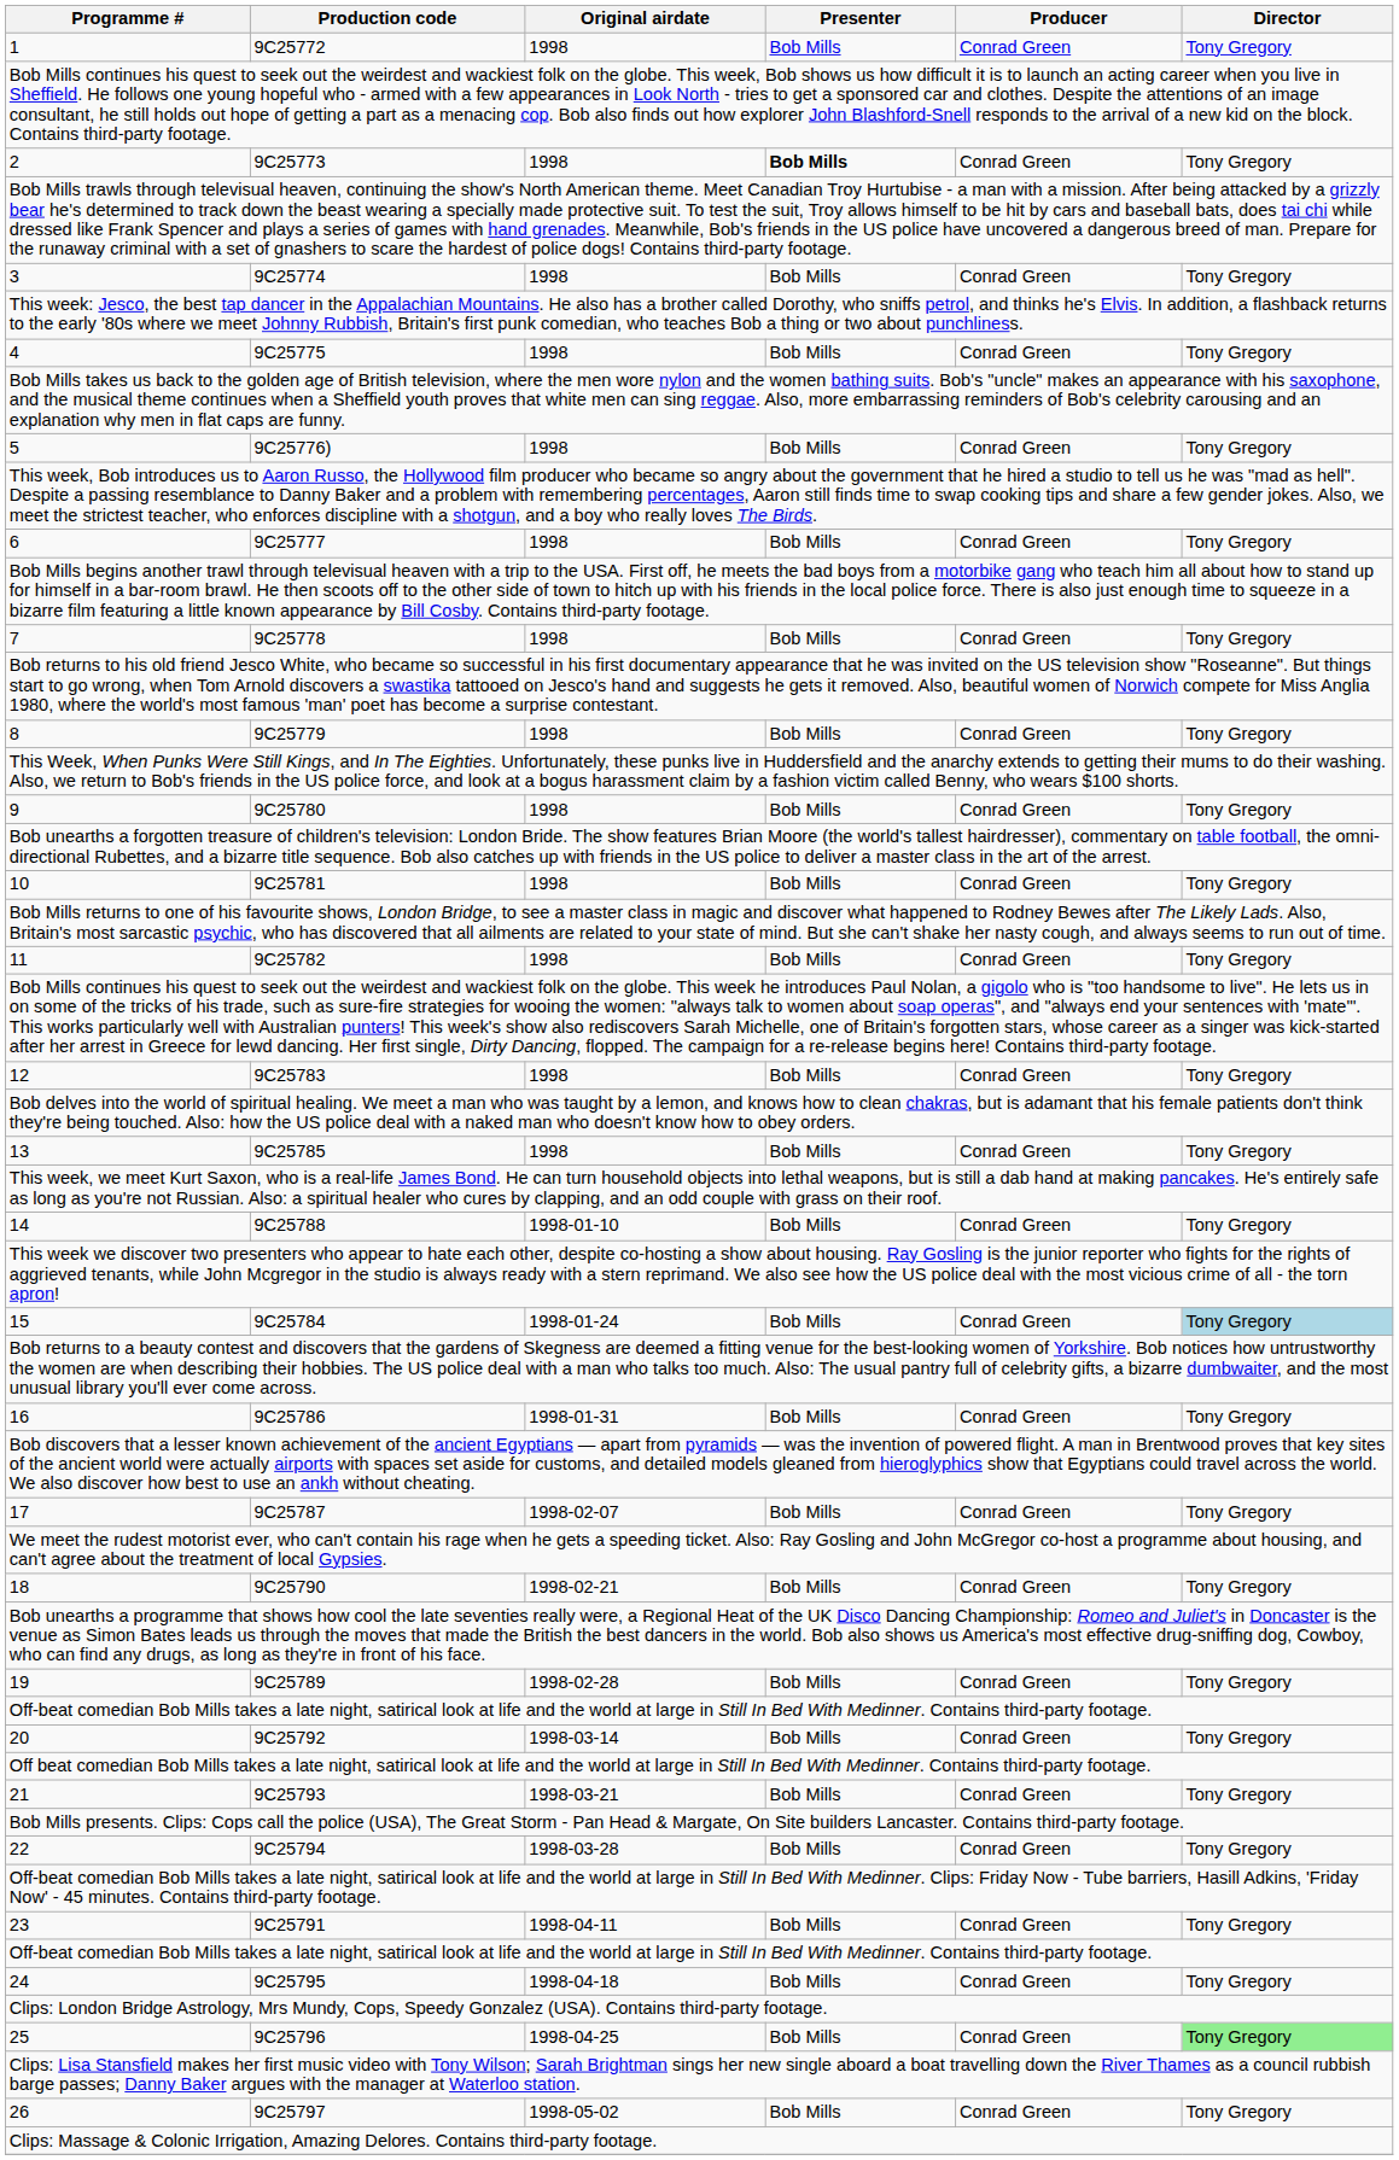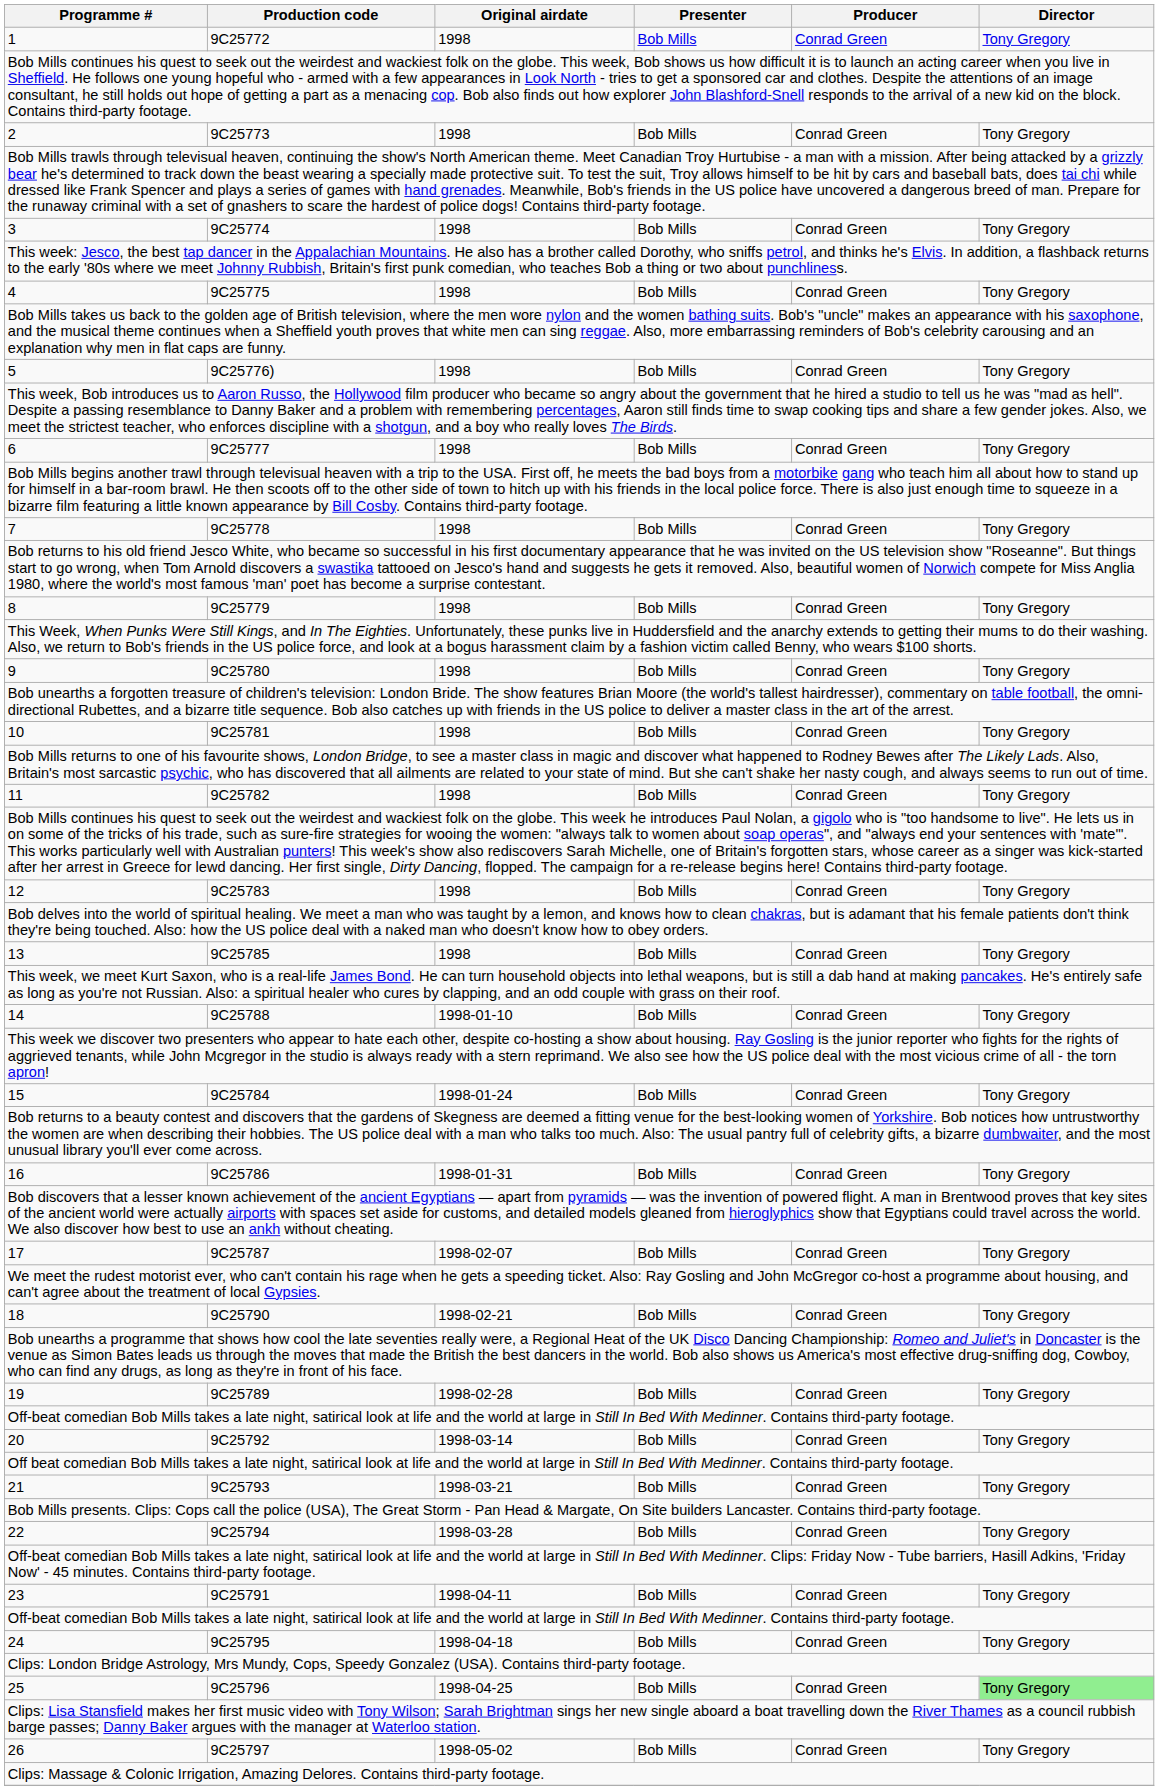 <table width="100%" class="wikitable">
 <tr>
 <th>Programme #</th>
 <th>Production code</th>
 <th>Original airdate</th>
 <th>Presenter</th>
 <th>Producer</th>
 <th>Director</th>
 </tr>
 <tr>
 <td>1</td>
 <td>9C25772</td>
 <td>1998</td>
 <td><a href='#'>Bob Mills</a></td>
 <td><a href='#'>Conrad Green</a></td>
 <td><a href='#'>Tony Gregory</a></td>
 </tr>
 <tr>
 <td colspan="6">Bob Mills continues his quest to seek out the weirdest and wackiest folk on the globe. This week, Bob shows us how difficult it is to launch an acting career when you live in <a href='#'>Sheffield</a>. He follows one young hopeful who - armed with a few appearances in <a href='#'>Look North</a> - tries to get a sponsored car and clothes. Despite the attentions of an image consultant, he still holds out hope of getting a part as a menacing <a href='#'>cop</a>. Bob also finds out how explorer <a href='#'>John Blashford-Snell</a> responds to the arrival of a new kid on the block. Contains third-party footage.</td>
 </tr>
 <tr>
 <td>2</td>
 <td>9C25773</td>
 <td>1998</td>
-<td><strong>Bob Mills</strong></td>
+<td>Bob Mills</td>
 <td>Conrad Green</td>
 <td>Tony Gregory</td>
 </tr>
 <tr>
 <td colspan="6">Bob Mills trawls through televisual heaven, continuing the show's North American theme. Meet Canadian Troy Hurtubise - a man with a mission. After being attacked by a <a href='#'>grizzly bear</a> he's determined to track down the beast wearing a specially made protective suit. To test the suit, Troy allows himself to be hit by cars and baseball bats, does <a href='#'>tai chi</a> while dressed like Frank Spencer and plays a series of games with <a href='#'>hand grenades</a>. Meanwhile, Bob's friends in the US police have uncovered a dangerous breed of man. Prepare for the runaway criminal with a set of gnashers to scare the hardest of police dogs! Contains third-party footage.</td>
 </tr>
 <tr>
 <td>3</td>
 <td>9C25774</td>
 <td>1998</td>
 <td>Bob Mills</td>
 <td>Conrad Green</td>
 <td>Tony Gregory</td>
 </tr>
 <tr>
 <td colspan="6">This week: <a href='#'>Jesco</a>, the best <a href='#'>tap dancer</a> in the <a href='#'>Appalachian Mountains</a>. He also has a brother called Dorothy, who sniffs <a href='#'>petrol</a>, and thinks he's <a href='#'>Elvis</a>. In addition, a flashback returns to the early '80s where we meet <a href='#'>Johnny Rubbish</a>, Britain's first punk comedian, who teaches Bob a thing or two about <a href='#'>punchlines</a>s.</td>
 </tr>
 <tr>
 <td>4</td>
 <td>9C25775</td>
 <td>1998</td>
 <td>Bob Mills</td>
 <td>Conrad Green</td>
 <td>Tony Gregory</td>
 </tr>
 <tr>
 <td colspan="6">Bob Mills takes us back to the golden age of British television, where the men wore <a href='#'>nylon</a> and the women <a href='#'>bathing suits</a>. Bob's "uncle" makes an appearance with his <a href='#'>saxophone</a>, and the musical theme continues when a Sheffield youth proves that white men can sing <a href='#'>reggae</a>. Also, more embarrassing reminders of Bob's celebrity carousing and an explanation why men in flat caps are funny.</td>
 </tr>
 <tr>
 <td>5</td>
 <td>9C25776)</td>
 <td>1998</td>
 <td>Bob Mills</td>
 <td>Conrad Green</td>
 <td>Tony Gregory</td>
 </tr>
 <tr>
 <td colspan="6">This week, Bob introduces us to <a href='#'>Aaron Russo</a>, the <a href='#'>Hollywood</a> film producer who became so angry about the government that he hired a studio to tell us he was "mad as hell". Despite a passing resemblance to Danny Baker and a problem with remembering <a href='#'>percentages</a>, Aaron still finds time to swap cooking tips and share a few gender jokes. Also, we meet the strictest teacher, who enforces discipline with a <a href='#'>shotgun</a>, and a boy who really loves <em><a href='#'>The Birds</a></em>.</td>
 </tr>
 <tr>
 <td>6</td>
 <td>9C25777</td>
 <td>1998</td>
 <td>Bob Mills</td>
 <td>Conrad Green</td>
 <td>Tony Gregory</td>
 </tr>
 <tr>
 <td colspan="6">Bob Mills begins another trawl through televisual heaven with a trip to the USA. First off, he meets the bad boys from a <a href='#'>motorbike</a> <a href='#'>gang</a> who teach him all about how to stand up for himself in a bar-room brawl. He then scoots off to the other side of town to hitch up with his friends in the local police force. There is also just enough time to squeeze in a bizarre film featuring a little known appearance by <a href='#'>Bill Cosby</a>. Contains third-party footage.</td>
 </tr>
 <tr>
 <td>7</td>
 <td>9C25778</td>
 <td>1998</td>
 <td>Bob Mills</td>
 <td>Conrad Green</td>
 <td>Tony Gregory</td>
 </tr>
 <tr>
 <td colspan="6">Bob returns to his old friend Jesco White, who became so successful in his first documentary appearance that he was invited on the US television show "Roseanne". But things start to go wrong, when Tom Arnold discovers a <a href='#'>swastika</a> tattooed on Jesco's hand and suggests he gets it removed. Also, beautiful women of <a href='#'>Norwich</a> compete for Miss Anglia 1980, where the world's most famous 'man' poet has become a surprise contestant.</td>
 </tr>
 <tr>
 <td>8</td>
 <td>9C25779</td>
 <td>1998</td>
 <td>Bob Mills</td>
 <td>Conrad Green</td>
 <td>Tony Gregory</td>
 </tr>
 <tr>
 <td colspan="6">This Week, <em>When Punks Were Still Kings</em>, and <em>In The Eighties</em>. Unfortunately, these punks live in Huddersfield and the anarchy extends to getting their mums to do their washing. Also, we return to Bob's friends in the US police force, and look at a bogus harassment claim by a fashion victim called Benny, who wears $100 shorts.</td>
 </tr>
 <tr>
 <td>9</td>
 <td>9C25780</td>
 <td>1998</td>
 <td>Bob Mills</td>
 <td>Conrad Green</td>
 <td>Tony Gregory</td>
 </tr>
 <tr>
 <td colspan="6">Bob unearths a forgotten treasure of children's television: London Bride. The show features Brian Moore (the world's tallest hairdresser), commentary on <a href='#'>table football</a>, the omni-directional Rubettes, and a bizarre title sequence. Bob also catches up with friends in the US police to deliver a master class in the art of the arrest.</td>
 </tr>
 <tr>
 <td>10</td>
 <td>9C25781</td>
 <td>1998</td>
 <td>Bob Mills</td>
 <td>Conrad Green</td>
 <td>Tony Gregory</td>
 </tr>
 <tr>
 <td colspan="6">Bob Mills returns to one of his favourite shows, <em>London Bridge</em>, to see a master class in magic and discover what happened to Rodney Bewes after <em>The Likely Lads</em>. Also, Britain's most sarcastic <a href='#'>psychic</a>, who has discovered that all ailments are related to your state of mind. But she can't shake her nasty cough, and always seems to run out of time.</td>
 </tr>
 <tr>
 <td>11</td>
 <td>9C25782</td>
 <td>1998</td>
 <td>Bob Mills</td>
 <td>Conrad Green</td>
 <td>Tony Gregory</td>
 </tr>
 <tr>
 <td colspan="6">Bob Mills continues his quest to seek out the weirdest and wackiest folk on the globe. This week he introduces Paul Nolan, a <a href='#'>gigolo</a> who is "too handsome to live". He lets us in on some of the tricks of his trade, such as sure-fire strategies for wooing the women: "always talk to women about <a href='#'>soap operas</a>", and "always end your sentences with 'mate'". This works particularly well with Australian <a href='#'>punters</a>! This week's show also rediscovers Sarah Michelle, one of Britain's forgotten stars, whose career as a singer was kick-started after her arrest in Greece for lewd dancing. Her first single, <em>Dirty Dancing</em>, flopped. The campaign for a re-release begins here! Contains third-party footage.</td>
 </tr>
 <tr>
 <td>12</td>
 <td>9C25783</td>
 <td>1998</td>
 <td>Bob Mills</td>
 <td>Conrad Green</td>
 <td>Tony Gregory</td>
 </tr>
 <tr>
 <td colspan="6">Bob delves into the world of spiritual healing. We meet a man who was taught by a lemon, and knows how to clean <a href='#'>chakras</a>, but is adamant that his female patients don't think they're being touched. Also: how the US police deal with a naked man who doesn't know how to obey orders.</td>
 </tr>
 <tr>
 <td>13</td>
 <td>9C25785</td>
 <td>1998</td>
 <td>Bob Mills</td>
 <td>Conrad Green</td>
 <td>Tony Gregory</td>
 </tr>
 <tr>
 <td colspan="6">This week, we meet Kurt Saxon, who is a real-life <a href='#'>James Bond</a>. He can turn household objects into lethal weapons, but is still a dab hand at making <a href='#'>pancakes</a>. He's entirely safe as long as you're not Russian. Also: a spiritual healer who cures by clapping, and an odd couple with grass on their roof.</td>
 </tr>
 <tr>
 <td>14</td>
 <td>9C25788</td>
 <td>1998-01-10</td>
 <td>Bob Mills</td>
 <td>Conrad Green</td>
 <td>Tony Gregory</td>
 </tr>
 <tr>
 <td colspan="6">This week we discover two presenters who appear to hate each other, despite co-hosting a show about housing. <a href='#'>Ray Gosling</a> is the junior reporter who fights for the rights of aggrieved tenants, while John Mcgregor in the studio is always ready with a stern reprimand. We also see how the US police deal with the most vicious crime of all - the torn <a href='#'>apron</a>!</td>
 </tr>
 <tr>
 <td>15</td>
 <td>9C25784</td>
 <td>1998-01-24</td>
 <td>Bob Mills</td>
 <td>Conrad Green</td>
-<td style="background: lightblue;">Tony Gregory</td>
+<td>Tony Gregory</td>
 </tr>
 <tr>
 <td colspan="6">Bob returns to a beauty contest and discovers that the gardens of Skegness are deemed a fitting venue for the best-looking women of <a href='#'>Yorkshire</a>. Bob notices how untrustworthy the women are when describing their hobbies. The US police deal with a man who talks too much. Also: The usual pantry full of celebrity gifts, a bizarre <a href='#'>dumbwaiter</a>, and the most unusual library you'll ever come across.</td>
 </tr>
 <tr>
 <td>16</td>
 <td>9C25786</td>
 <td>1998-01-31</td>
 <td>Bob Mills</td>
 <td>Conrad Green</td>
 <td>Tony Gregory</td>
 </tr>
 <tr>
 <td colspan="6">Bob discovers that a lesser known achievement of the <a href='#'>ancient Egyptians</a> — apart from <a href='#'>pyramids</a> — was the invention of powered flight. A man in Brentwood proves that key sites of the ancient world were actually <a href='#'>airports</a> with spaces set aside for customs, and detailed models gleaned from <a href='#'>hieroglyphics</a> show that Egyptians could travel across the world. We also discover how best to use an <a href='#'>ankh</a> without cheating.</td>
 </tr>
 <tr>
 <td>17</td>
 <td>9C25787</td>
 <td>1998-02-07</td>
 <td>Bob Mills</td>
 <td>Conrad Green</td>
 <td>Tony Gregory</td>
 </tr>
 <tr>
 <td colspan="6">We meet the rudest motorist ever, who can't contain his rage when he gets a speeding ticket. Also: Ray Gosling and John McGregor co-host a programme about housing, and can't agree about the treatment of local <a href='#'>Gypsies</a>.</td>
 </tr>
 <tr>
 <td>18</td>
 <td>9C25790</td>
 <td>1998-02-21</td>
 <td>Bob Mills</td>
 <td>Conrad Green</td>
 <td>Tony Gregory</td>
 </tr>
 <tr>
 <td colspan="6">Bob unearths a programme that shows how cool the late seventies really were, a Regional Heat of the UK <a href='#'>Disco</a> Dancing Championship: <em><a href='#'>Romeo and Juliet's</a></em> in <a href='#'>Doncaster</a> is the venue as Simon Bates leads us through the moves that made the British the best dancers in the world. Bob also shows us America's most effective drug-sniffing dog, Cowboy, who can find any drugs, as long as they're in front of his face.</td>
 </tr>
 <tr>
 <td>19</td>
 <td>9C25789</td>
 <td>1998-02-28</td>
 <td>Bob Mills</td>
 <td>Conrad Green</td>
 <td>Tony Gregory</td>
 </tr>
 <tr>
 <td colspan="6">Off-beat comedian Bob Mills takes a late night, satirical look at life and the world at large in <em>Still In Bed With Medinner</em>. Contains third-party footage.</td>
 </tr>
 <tr>
 <td>20</td>
 <td>9C25792</td>
 <td>1998-03-14</td>
 <td>Bob Mills</td>
 <td>Conrad Green</td>
 <td>Tony Gregory</td>
 </tr>
 <tr>
 <td colspan="6">Off beat comedian Bob Mills takes a late night, satirical look at life and the world at large in <em>Still In Bed With Medinner</em>. Contains third-party footage.</td>
 </tr>
 <tr>
 <td>21</td>
 <td>9C25793</td>
 <td>1998-03-21</td>
 <td>Bob Mills</td>
 <td>Conrad Green</td>
 <td>Tony Gregory</td>
 </tr>
 <tr>
 <td colspan="6">Bob Mills presents. Clips: Cops call the police (USA), The Great Storm - Pan Head & Margate, On Site builders Lancaster. Contains third-party footage.</td>
 </tr>
 <tr>
 <td>22</td>
 <td>9C25794</td>
 <td>1998-03-28</td>
 <td>Bob Mills</td>
 <td>Conrad Green</td>
 <td>Tony Gregory</td>
 </tr>
 <tr>
 <td colspan="6">Off-beat comedian Bob Mills takes a late night, satirical look at life and the world at large in <em>Still In Bed With Medinner</em>. Clips: Friday Now - Tube barriers, Hasill Adkins, 'Friday Now' - 45 minutes. Contains third-party footage.</td>
 </tr>
 <tr>
 <td>23</td>
 <td>9C25791</td>
 <td>1998-04-11</td>
 <td>Bob Mills</td>
 <td>Conrad Green</td>
 <td>Tony Gregory</td>
 </tr>
 <tr>
 <td colspan="6">Off-beat comedian Bob Mills takes a late night, satirical look at life and the world at large in <em>Still In Bed With Medinner</em>. Contains third-party footage.</td>
 </tr>
 <tr>
 <td>24</td>
 <td>9C25795</td>
 <td>1998-04-18</td>
 <td>Bob Mills</td>
 <td>Conrad Green</td>
 <td>Tony Gregory</td>
 </tr>
 <tr>
 <td colspan="6">Clips: London Bridge Astrology, Mrs Mundy, Cops, Speedy Gonzalez (USA). Contains third-party footage.</td>
 </tr>
 <tr>
 <td>25</td>
 <td>9C25796</td>
 <td>1998-04-25</td>
 <td>Bob Mills</td>
 <td>Conrad Green</td>
 <td style="background: lightgreen;">Tony Gregory</td>
 </tr>
 <tr>
 <td colspan="6">Clips: <a href='#'>Lisa Stansfield</a> makes her first music video with <a href='#'>Tony Wilson</a>; <a href='#'>Sarah Brightman</a> sings her new single aboard a boat travelling down the <a href='#'>River Thames</a> as a council rubbish barge passes; <a href='#'>Danny Baker</a> argues with the manager at <a href='#'>Waterloo station</a>.</td>
 </tr>
 <tr>
 <td>26</td>
 <td>9C25797</td>
 <td>1998-05-02</td>
 <td>Bob Mills</td>
 <td>Conrad Green</td>
 <td>Tony Gregory</td>
 </tr>
 <tr>
 <td colspan="6">Clips: Massage & Colonic Irrigation, Amazing Delores. Contains third-party footage.</td>
 </tr>
 <tr>
 </tr>
 </table>
